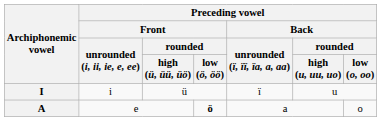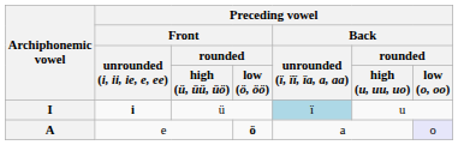 <table class=wikitable style="text-align:center">
 <tr>
 <th rowspan="4">Archiphonemic <br> vowel</th>
 <th colspan="6">Preceding vowel</th>
 </tr>
 <tr>
 <th colspan="3">Front</th>
 <th colspan="3">Back</th>
 </tr>
 <tr>
 <th rowspan="2">unrounded<br>(<em>i, ii, ie, e, ee</em>)</th>
 <th colspan="2">rounded</th>
 <th rowspan="2">unrounded<br> (<em>ï, ïï, ïa, a, aa</em>)</th>
 <th colspan="2">rounded</th>
 </tr>
 <tr>
 <th>high<br>(<em>ü, üü, üö</em>)</th>
 <th>low<br>(<em>ö, öö</em>)</th>
 <th>high<br>(<em>u, uu, uo</em>)</th>
 <th>low<br>(<em>o, oo</em>)</th>
 </tr>
 <tr>
 <th>I</th>
-<td>i</td>
+<td><strong>i</strong></td>
 <td colspan="2">ü</td>
-<td>ï</td>
+<td style="background: lightblue;">ï</td>
 <td colspan="2">u</td>
 </tr>
 <tr>
 <th>A</th>
 <td colspan="2">e</td>
 <td><strong>ö</strong></td>
 <td colspan="2">a</td>
-<td>o</td>
+<td style="background: lavender;">o</td>
 </tr>
 </table>
